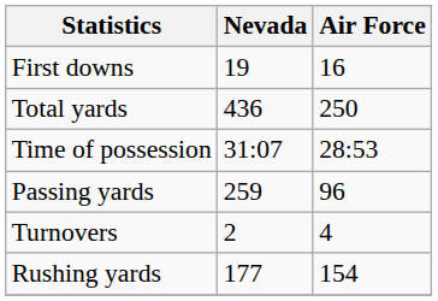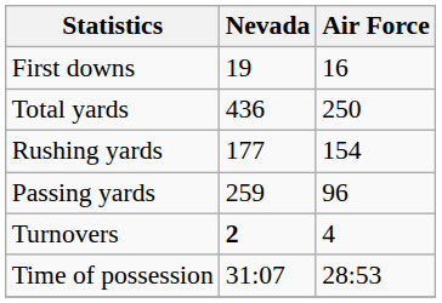 <table class="wikitable">
 <tr>
 <th>Statistics</th>
 <th>Nevada</th>
 <th>Air Force</th>
 </tr>
 <tr>
 <td>First downs</td>
 <td>19</td>
 <td>16</td>
 </tr>
 <tr>
 <td>Total yards</td>
 <td>436</td>
 <td>250</td>
 </tr>
 <tr>
-<td>Time of possession</td>
-<td>31:07</td>
-<td>28:53</td>
+<td>Rushing yards</td>
+<td>177</td>
+<td>154</td>
 </tr>
 <tr>
 <td>Passing yards</td>
 <td>259</td>
 <td>96</td>
 </tr>
 <tr>
 <td>Turnovers</td>
-<td>2</td>
+<td><strong>2</strong></td>
 <td>4</td>
 </tr>
 <tr>
-<td>Rushing yards</td>
-<td>177</td>
-<td>154</td>
+<td>Time of possession</td>
+<td>31:07</td>
+<td>28:53</td>
 </tr>
 <tr>
 </tr>
 </table>
